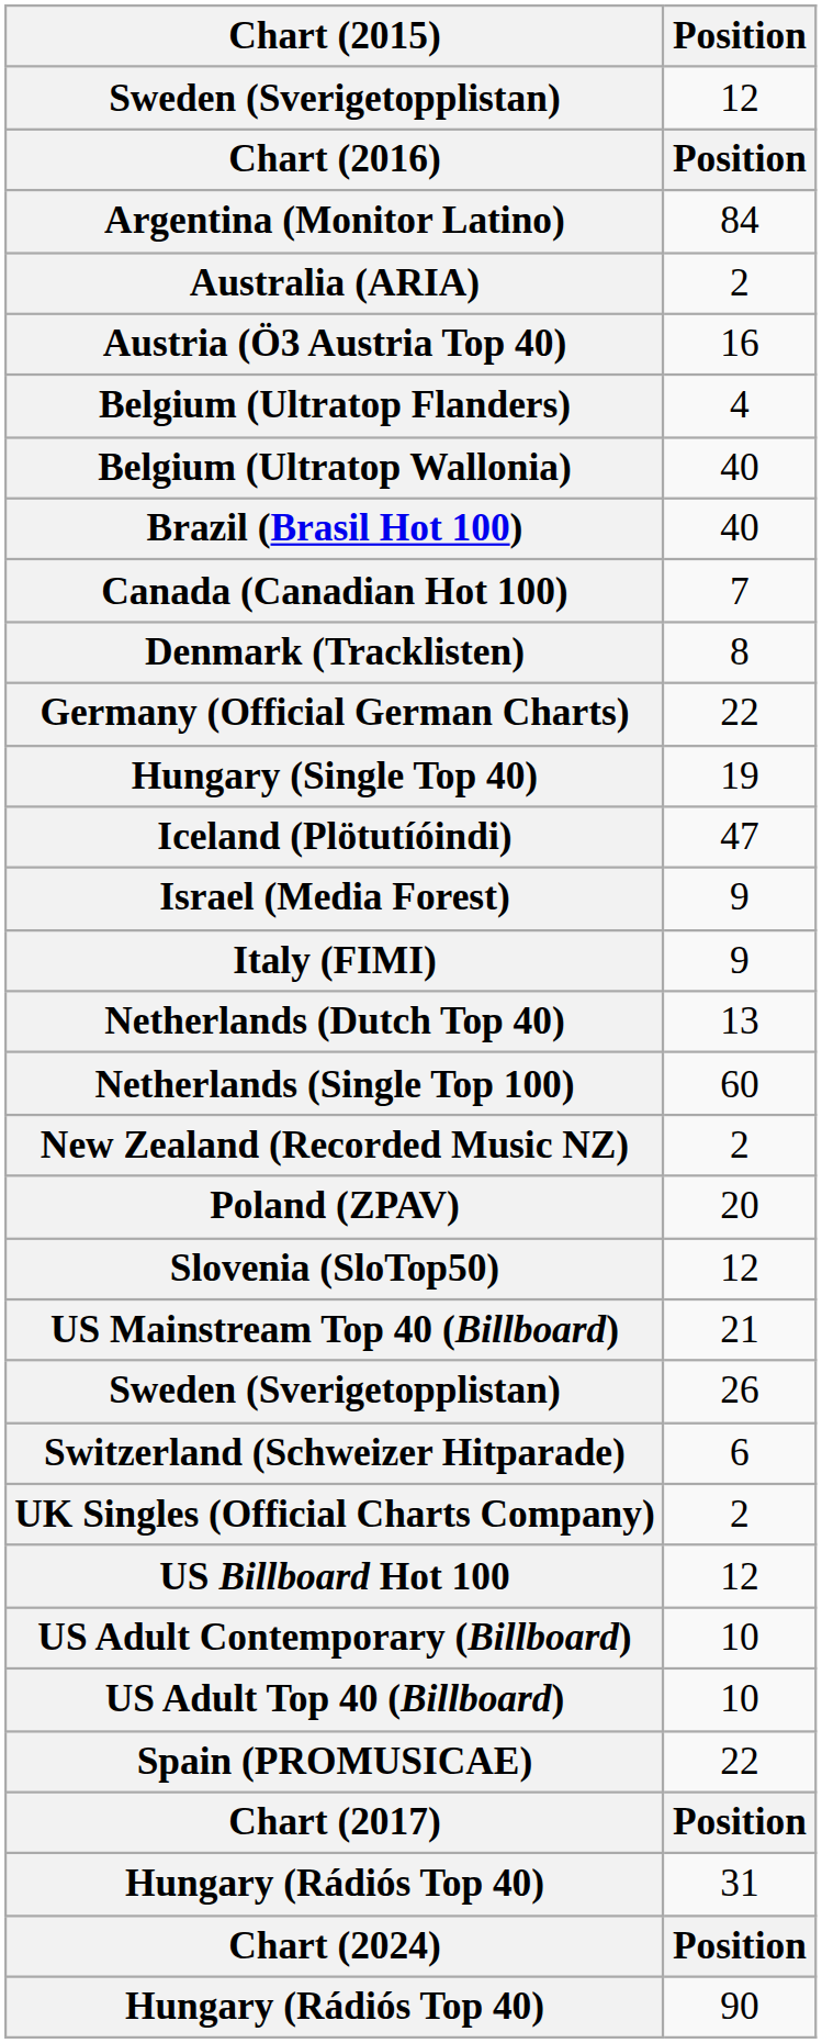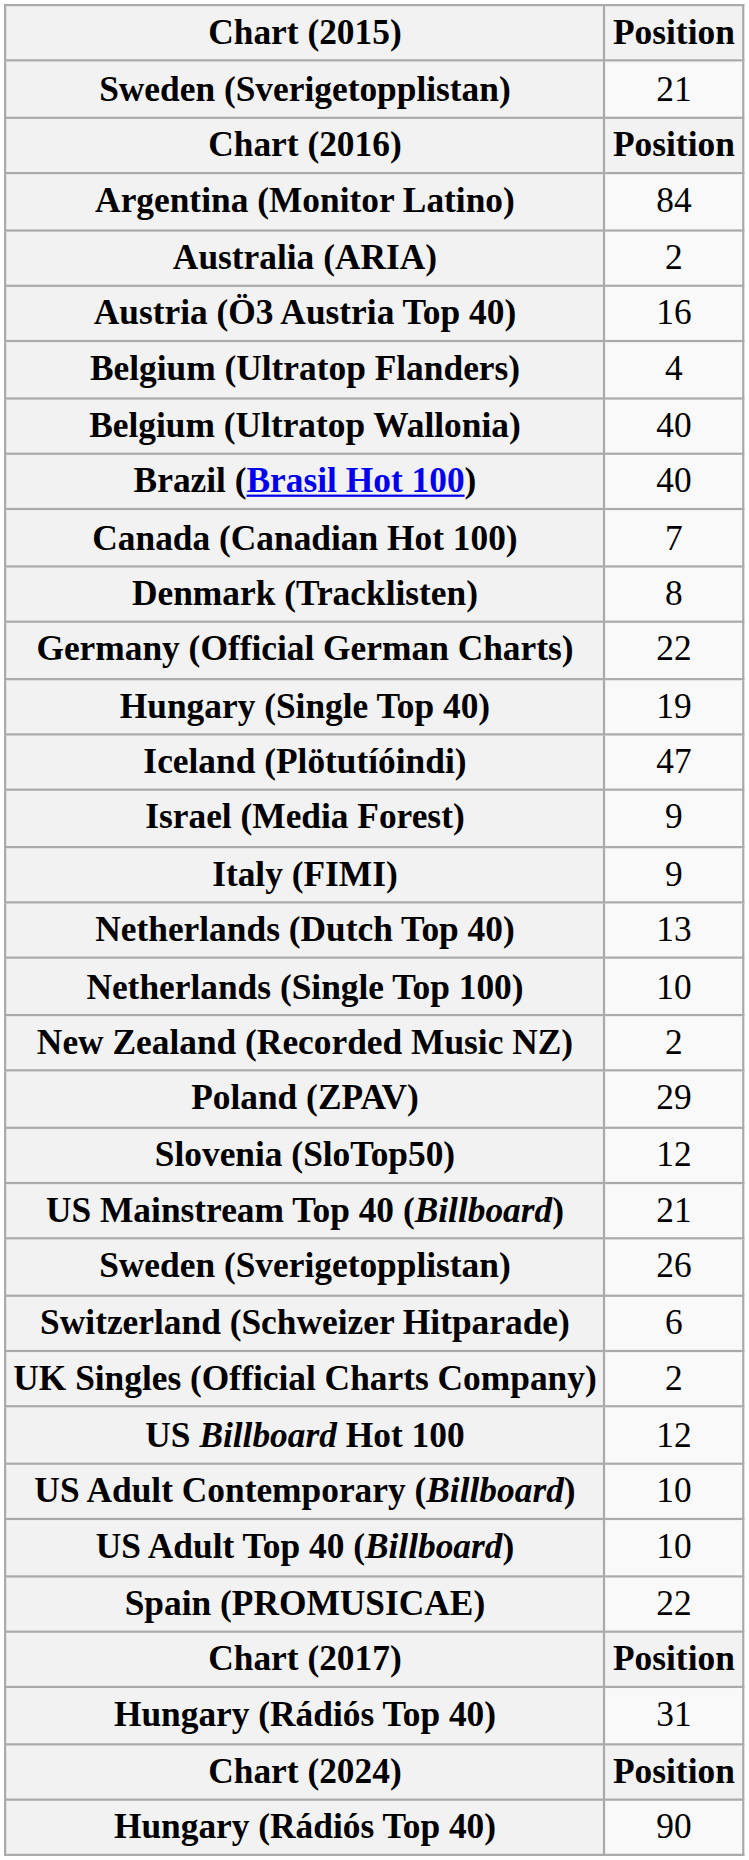 <table class="wikitable plainrowheaders sortable" style="text-align:center">
 <tr>
 <th>Chart (2015)</th>
 <th>Position</th>
 </tr>
 <tr>
 <th scope="row">Sweden (Sverigetopplistan)</th>
-<td>12</td>
+<td>21</td>
 </tr>
 <tr>
 <th>Chart (2016)</th>
 <th>Position</th>
 </tr>
 <tr>
 <th scope="row">Argentina (Monitor Latino)</th>
 <td>84</td>
 </tr>
 <tr>
 <th scope="row">Australia (ARIA)</th>
 <td>2</td>
 </tr>
 <tr>
 <th scope="row">Austria (Ö3 Austria Top 40)</th>
 <td>16</td>
 </tr>
 <tr>
 <th scope="row">Belgium (Ultratop Flanders)</th>
 <td>4</td>
 </tr>
 <tr>
 <th scope="row">Belgium (Ultratop Wallonia)</th>
 <td>40</td>
 </tr>
 <tr>
 <th scope="row">Brazil (<a href='#'>Brasil Hot 100</a>)</th>
 <td>40</td>
 </tr>
 <tr>
 <th scope="row">Canada (Canadian Hot 100)</th>
 <td>7</td>
 </tr>
 <tr>
 <th scope="row">Denmark (Tracklisten)</th>
 <td>8</td>
 </tr>
 <tr>
 <th scope="row">Germany (Official German Charts)</th>
 <td>22</td>
 </tr>
 <tr>
 <th scope="row">Hungary (Single Top 40)</th>
 <td>19</td>
 </tr>
 <tr>
 <th scope="row">Iceland (Plötutíóindi)</th>
 <td>47</td>
 </tr>
 <tr>
 <th scope="row">Israel (Media Forest)</th>
 <td>9</td>
 </tr>
 <tr>
 <th scope="row">Italy (FIMI)</th>
 <td>9</td>
 </tr>
 <tr>
 <th scope="row">Netherlands (Dutch Top 40)</th>
 <td>13</td>
 </tr>
 <tr>
 <th scope="row">Netherlands (Single Top 100)</th>
-<td>60</td>
+<td>10</td>
 </tr>
 <tr>
 <th scope="row">New Zealand (Recorded Music NZ)</th>
 <td>2</td>
 </tr>
 <tr>
 <th scope="row">Poland (ZPAV)</th>
-<td>20</td>
+<td>29</td>
 </tr>
 <tr>
 <th scope="row">Slovenia (SloTop50)</th>
 <td>12</td>
 </tr>
 <tr>
 <th scope="row">US Mainstream Top 40 (<em>Billboard</em>)</th>
 <td>21</td>
 </tr>
 <tr>
 <th scope="row">Sweden (Sverigetopplistan)</th>
 <td>26</td>
 </tr>
 <tr>
 <th scope="row">Switzerland (Schweizer Hitparade)</th>
 <td>6</td>
 </tr>
 <tr>
 <th scope="row">UK Singles (Official Charts Company)</th>
 <td>2</td>
 </tr>
 <tr>
 <th scope="row">US <em>Billboard</em> Hot 100</th>
 <td>12</td>
 </tr>
 <tr>
 <th scope="row">US Adult Contemporary (<em>Billboard</em>)</th>
 <td>10</td>
 </tr>
 <tr>
 <th scope="row">US Adult Top 40 (<em>Billboard</em>)</th>
 <td>10</td>
 </tr>
 <tr>
 <th scope="row">Spain (PROMUSICAE)</th>
 <td>22</td>
 </tr>
 <tr>
 <th>Chart (2017)</th>
 <th>Position</th>
 </tr>
 <tr>
 <th scope="row">Hungary (Rádiós Top 40)</th>
 <td>31</td>
 </tr>
 <tr>
 <th>Chart (2024)</th>
 <th>Position</th>
 </tr>
 <tr>
 <th scope="row">Hungary (Rádiós Top 40)</th>
 <td>90</td>
 </tr>
 </table>
